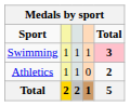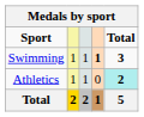 <table class=wikitable style="font-size:95%; float:right">
 <tr bgcolor=efefef>
 <th colspan=7><strong>Medals by sport</strong></th>
 </tr>
 <tr align=center>
 <td><strong>Sport</strong></td>
 <td bgcolor=f7f6a8></td>
 <td bgcolor=dce5e5></td>
 <td bgcolor=ffdab9></td>
 <td><strong>Total</strong></td>
 </tr>
 <tr align=center>
 <td><a href='#'>Swimming</a></td>
 <td style="background:#F7F6A8;">1</td>
 <td style="background:#DCE5E5;">1</td>
-<td style="background:#FFDAB9;">1</td>
-<td style="background: pink;"><strong>3</strong></td>
+<td style="background:#FFDAB9;"><strong>1</strong></td>
+<td><strong>3</strong></td>
 </tr>
 <tr align=center>
 <td><a href='#'>Athletics</a></td>
 <td style="background:#F7F6A8;">1</td>
 <td style="background:#DCE5E5;">1</td>
 <td style="background:#FFDAB9;">0</td>
-<td><strong>2</strong></td>
+<td style="background: paleturquoise;"><strong>2</strong></td>
 </tr>
 <tr align=center>
 <th>Total</th>
 <th style="background:gold">2</th>
 <th style="background:silver">2</th>
 <th style="background:#c96">1</th>
 <th>5</th>
 </tr>
 </table>
